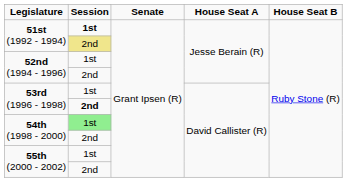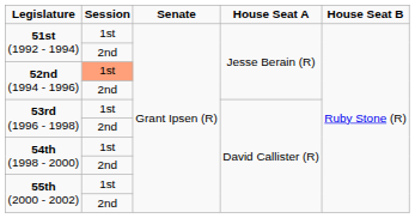 <table class=wikitable style="text-align:center">
 <tr>
 <td><strong>Legislature</strong></td>
 <td><strong>Session</strong></td>
 <td><strong>Senate</strong></td>
 <td><strong>House Seat A</strong></td>
 <td><strong>House Seat B</strong></td>
 </tr>
 <tr>
 <td rowspan="2" colspan="1" style="text-align: center;"><strong>51st</strong> <br> (1992 - 1994)</td>
-<td><strong>1st</strong></td>
+<td>1st</td>
 <td rowspan="10" colspan="1" style="text-align: center;" >Grant Ipsen (R)</td>
 <td rowspan="4" colspan="1" style="text-align: center;" >Jesse Berain (R)</td>
 <td rowspan="10" colspan="1" style="text-align: center;" ><a href='#'>Ruby Stone</a> (R)</td>
 </tr>
 <tr>
-<td style="background: khaki;">2nd</td>
+<td>2nd</td>
 </tr>
 <tr>
 <td rowspan="2" colspan="1" style="text-align: center;"><strong>52nd</strong> <br> (1994 - 1996)</td>
-<td>1st</td>
+<td style="background: lightsalmon;">1st</td>
 </tr>
 <tr>
 <td>2nd</td>
 </tr>
 <tr>
 <td rowspan="2" colspan="1" style="text-align: center;"><strong>53rd</strong> <br> (1996 - 1998)</td>
 <td>1st</td>
 <td rowspan="6" colspan="1" style="text-align: center;" >David Callister (R)</td>
 </tr>
 <tr>
-<td><strong>2nd</strong></td>
+<td>2nd</td>
 </tr>
 <tr>
 <td rowspan="2" colspan="1" style="text-align: center;"><strong>54th</strong> <br> (1998 - 2000)</td>
-<td style="background: lightgreen;">1st</td>
+<td>1st</td>
 </tr>
 <tr>
 <td>2nd</td>
 </tr>
 <tr>
 <td rowspan="2" colspan="1" style="text-align: center;"><strong>55th</strong> <br> (2000 - 2002)</td>
 <td>1st</td>
 </tr>
 <tr>
 <td>2nd</td>
 </tr>
 </table>
